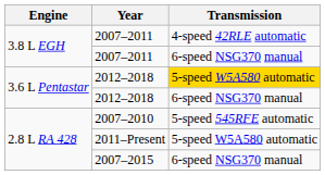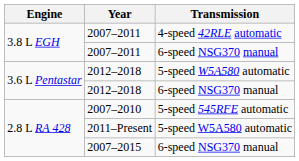 <table class=wikitable>
 <tr>
 <th>Engine</th>
 <th>Year</th>
 <th>Transmission</th>
 </tr>
 <tr>
 <td rowspan=2>3.8 L <em><a href='#'>EGH</a></em></td>
 <td>2007–2011</td>
 <td>4-speed <em><a href='#'>42RLE</a></em> <a href='#'>automatic</a></td>
 </tr>
 <tr>
 <td>2007–2011</td>
 <td>6-speed <a href='#'>NSG370</a> <a href='#'>manual</a></td>
 </tr>
 <tr>
 <td rowspan=2>3.6 L <em><a href='#'>Pentastar</a></em></td>
 <td>2012–2018</td>
-<td style="background: gold;">5-speed <em><a href='#'>W5A580</a></em> automatic</td>
+<td>5-speed <em><a href='#'>W5A580</a></em> automatic</td>
 </tr>
 <tr>
 <td>2012–2018</td>
 <td>6-speed <a href='#'>NSG370</a> manual</td>
 </tr>
 <tr>
 <td rowspan=3>2.8 L <em><a href='#'>RA 428</a></em></td>
 <td>2007–2010</td>
 <td>5-speed <em><a href='#'>545RFE</a></em> automatic</td>
 </tr>
 <tr>
 <td>2011–Present</td>
 <td>5-speed <a href='#'>W5A580</a> automatic</td>
 </tr>
 <tr>
 <td>2007–2015</td>
 <td>6-speed <a href='#'>NSG370</a> manual</td>
 </tr>
 </table>
